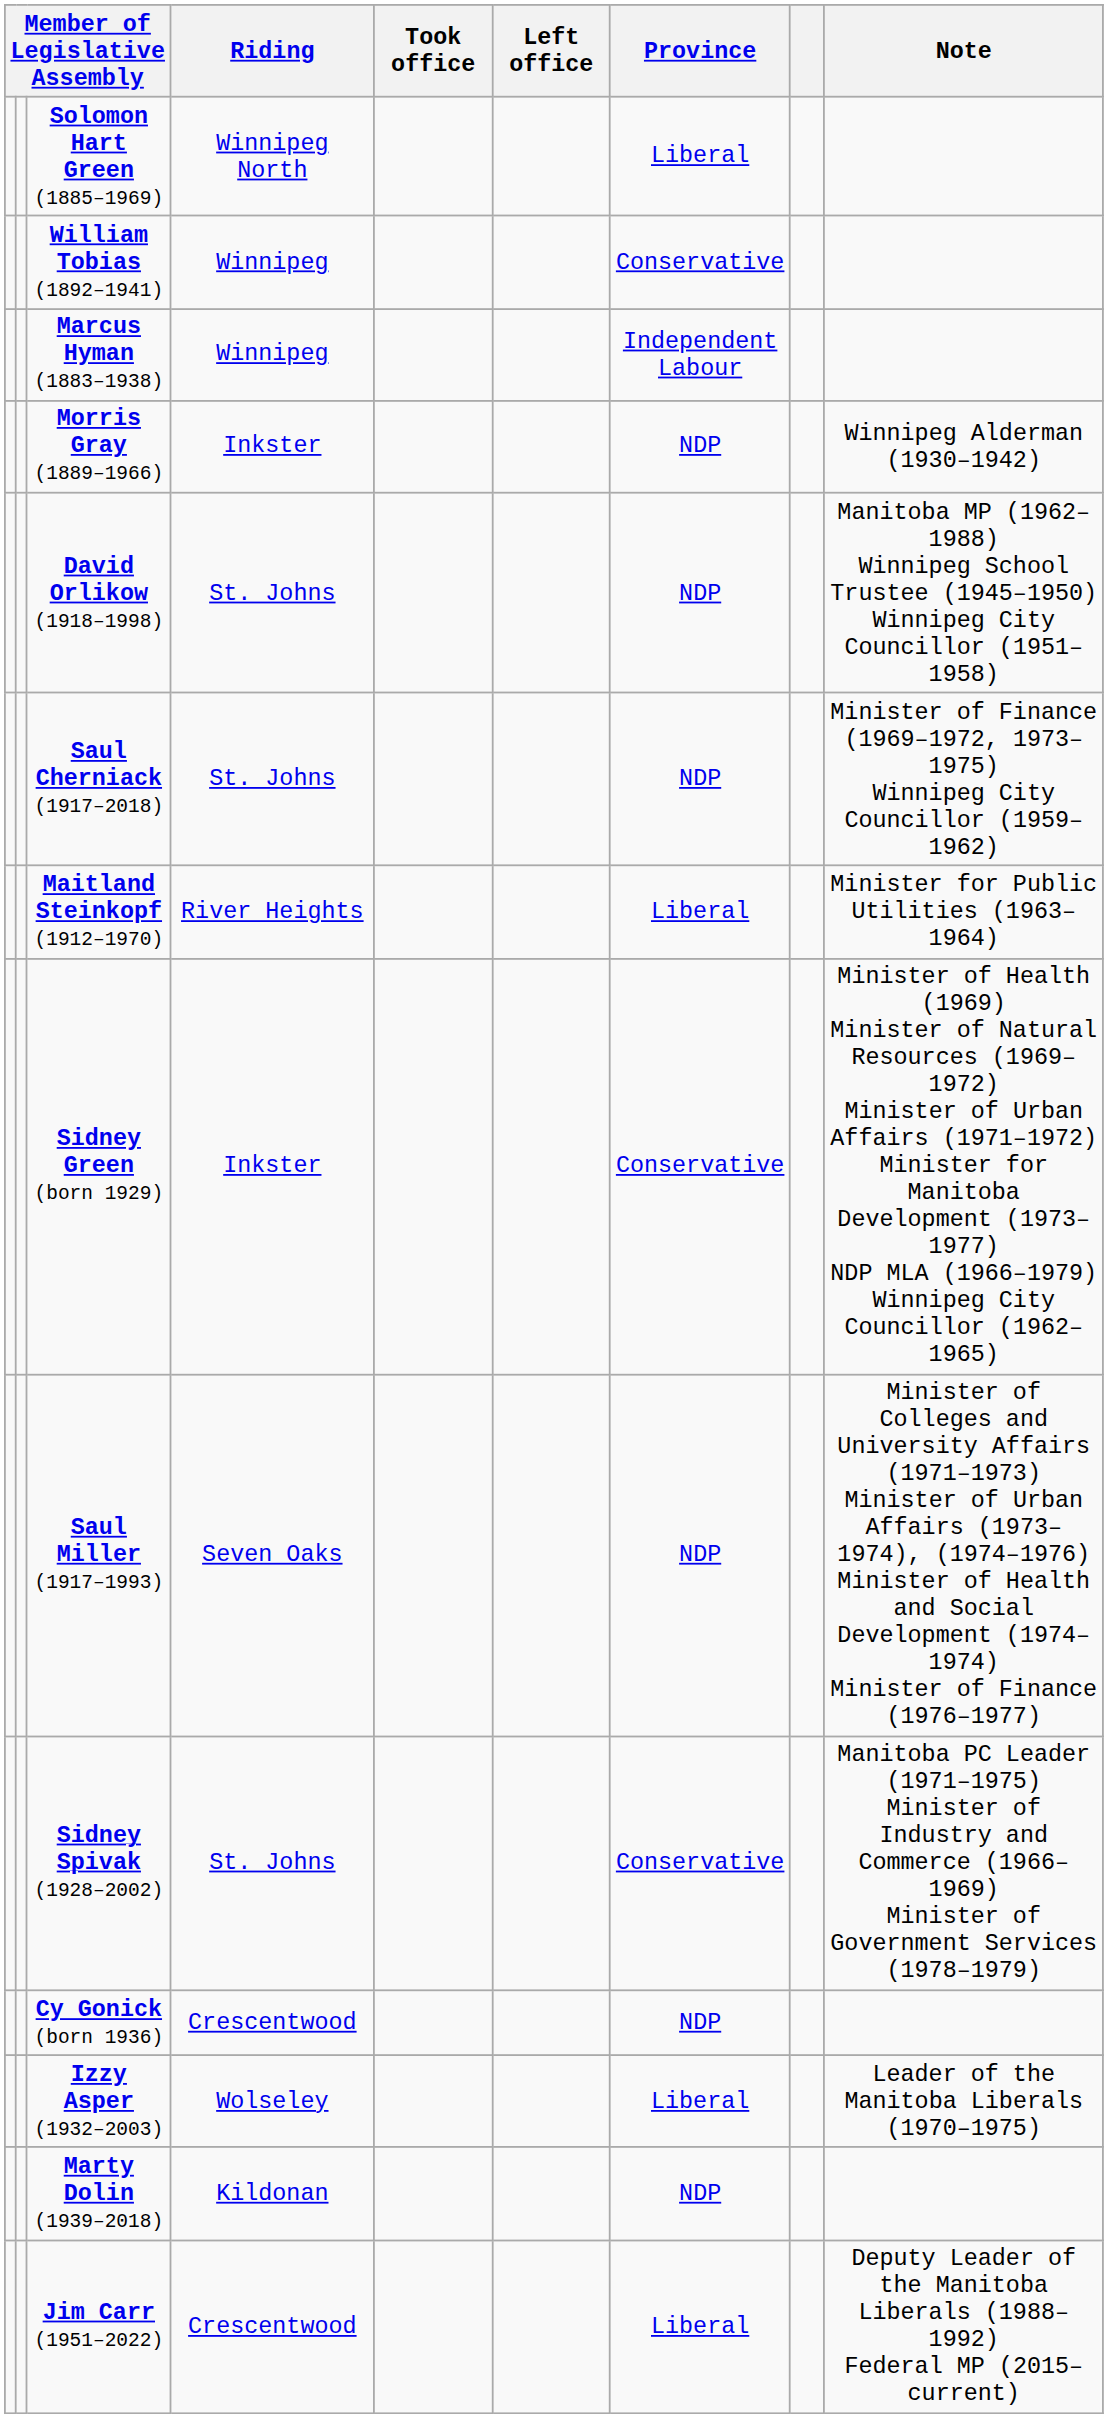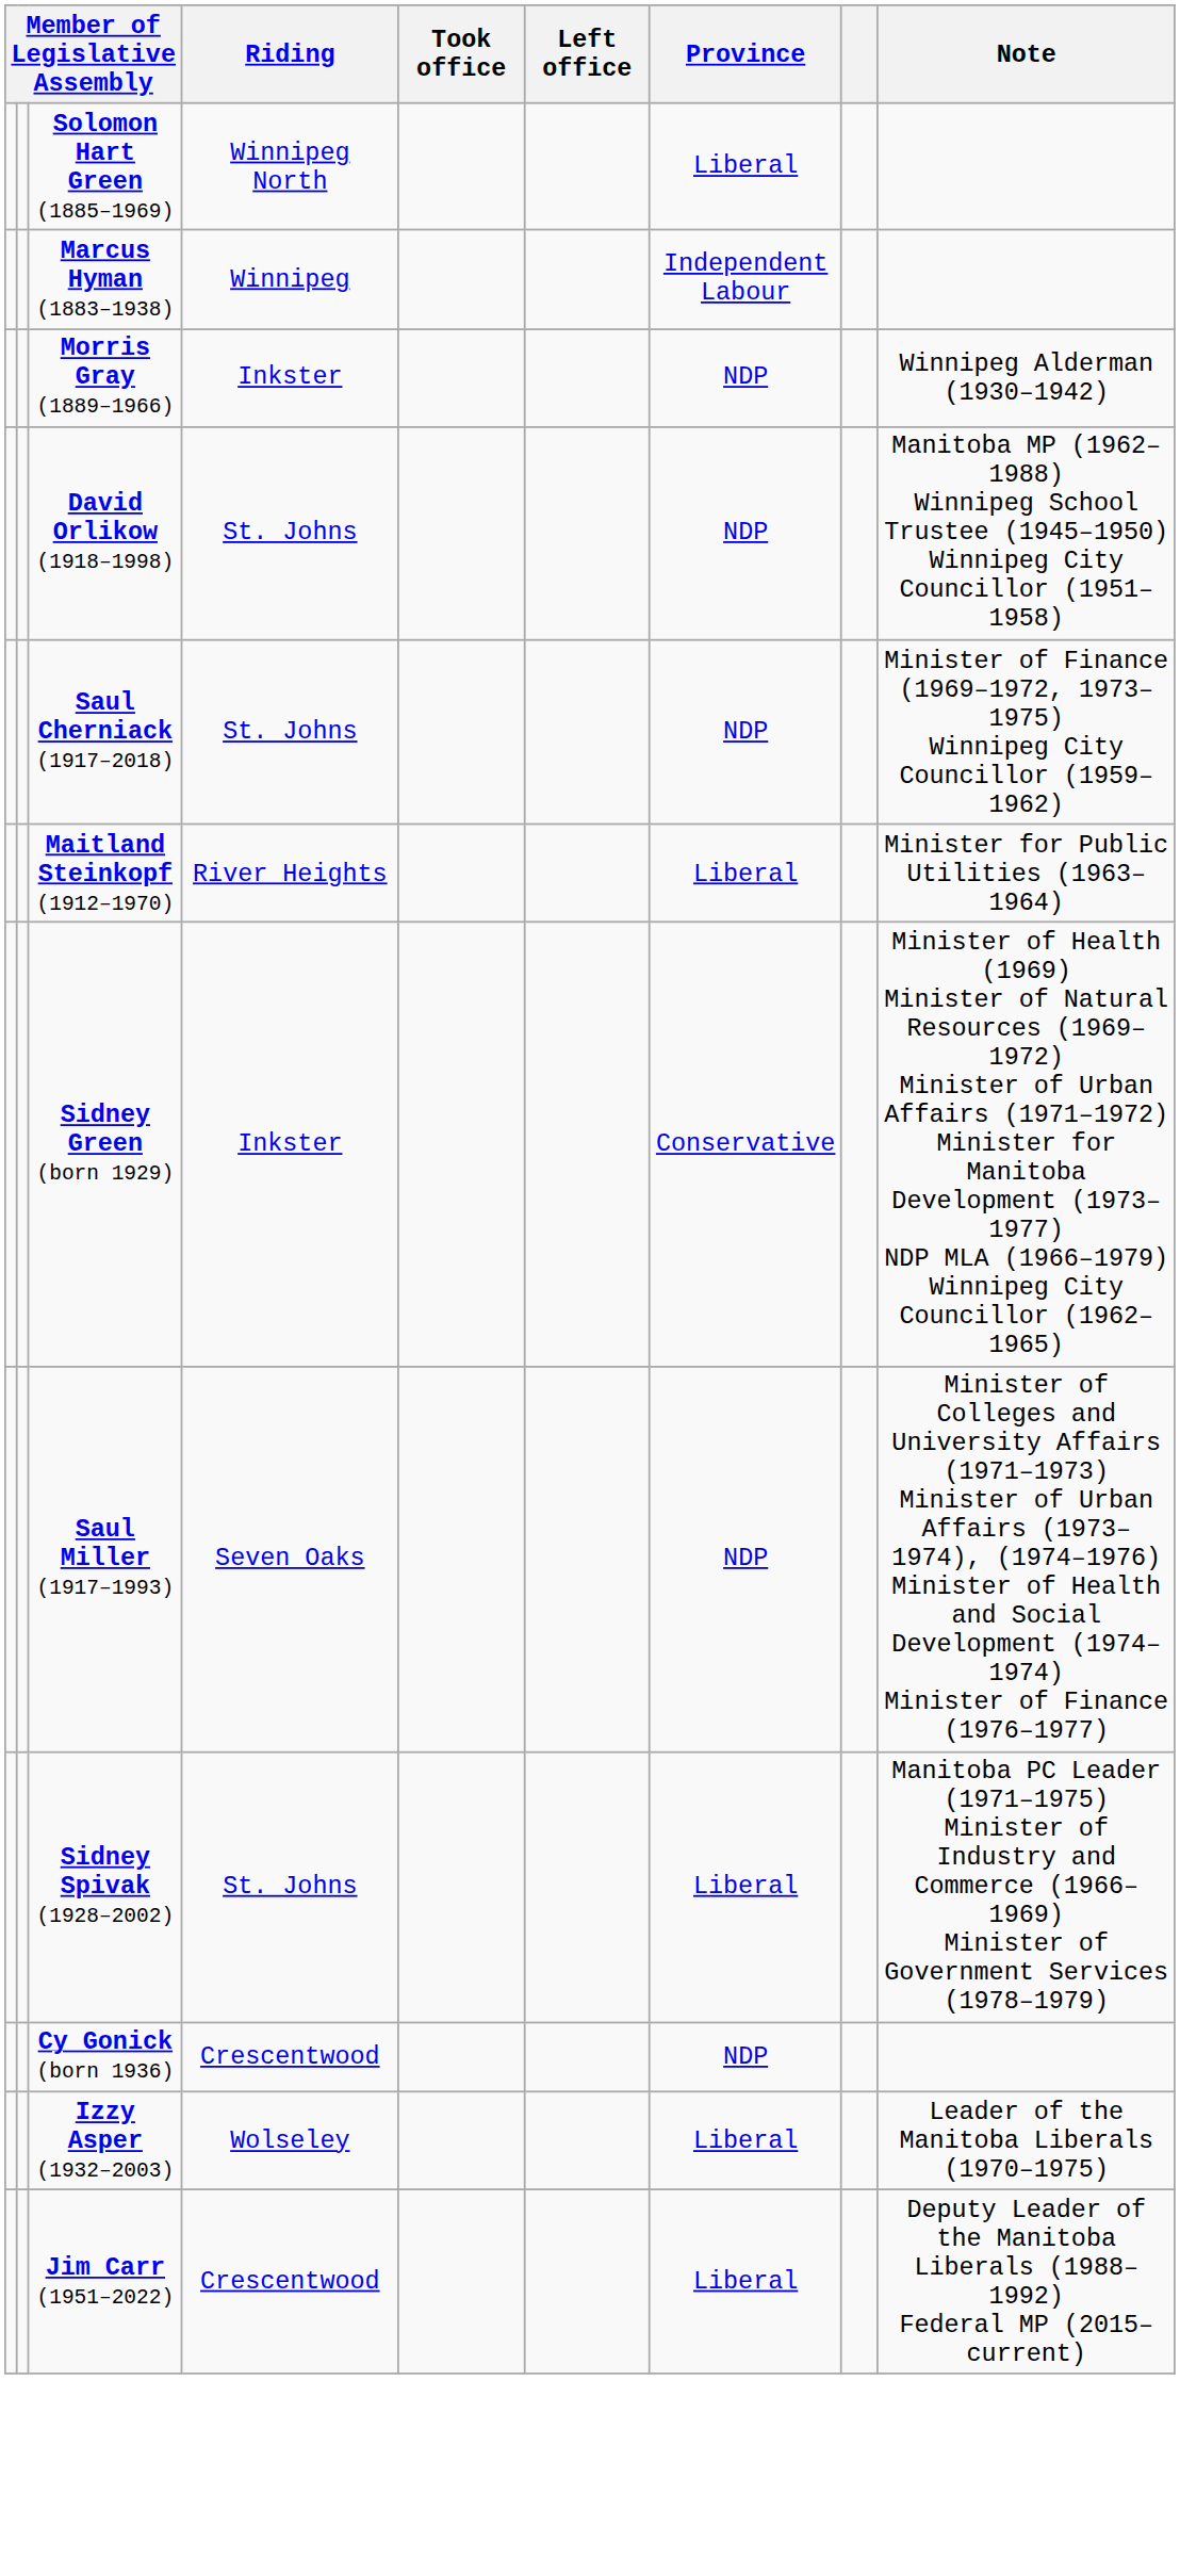 <table class="wikitable sortable plainrowheaders" style="text-align:center">
 <tr>
 <th colspan="3" class=unsortable><a href='#'>Member of Legislative Assembly</a></th>
 <th scope="col" width=150px><a href='#'>Riding</a></th>
 <th scope="col" width=100px>Took office</th>
 <th scope="col" width=100px>Left office</th>
 <th scope="col" width=70px><a href='#'>Province</a></th>
 <th scope="col" class=unsortable width=55px></th>
 <th scope="col" class=unsortable width=350px>Note</th>
 </tr>
 <tr>
 <td style="background:"></td>
 <td></td>
 <td><strong><a href='#'>Solomon Hart Green</a></strong><br><small>(1885–1969)</small></td>
 <td><a href='#'>Winnipeg North</a></td>
 <td></td>
 <td></td>
 <td><a href='#'>Liberal</a></td>
-<td></td>
-<td></td>
-</tr>
-<tr>
-<td style="background:"></td>
-<td></td>
-<td><strong><a href='#'>William Tobias</a></strong><br><small>(1892–1941)</small></td>
-<td><a href='#'>Winnipeg</a></td>
-<td></td>
-<td></td>
-<td><a href='#'>Conservative</a></td>
 <td></td>
 <td></td>
 </tr>
 <tr>
 <td style="background:"></td>
 <td></td>
 <td><strong><a href='#'>Marcus Hyman</a></strong><br><small>(1883–1938)</small></td>
 <td><a href='#'>Winnipeg</a></td>
 <td></td>
 <td></td>
 <td><a href='#'>Independent Labour</a></td>
 <td></td>
 <td></td>
 </tr>
 <tr>
 <td style="background:"></td>
 <td></td>
 <td><strong><a href='#'>Morris Gray</a></strong><br><small>(1889–1966)</small></td>
 <td><a href='#'>Inkster</a></td>
 <td></td>
 <td></td>
 <td><a href='#'>NDP</a></td>
 <td></td>
 <td>Winnipeg Alderman (1930–1942)</td>
 </tr>
 <tr>
 <td style="background:"></td>
 <td></td>
 <td><strong><a href='#'>David Orlikow</a></strong><br><small>(1918–1998)</small></td>
 <td><a href='#'>St. Johns</a></td>
 <td></td>
 <td></td>
 <td><a href='#'>NDP</a></td>
 <td></td>
 <td>Manitoba MP (1962–1988)<br>Winnipeg School Trustee (1945–1950)<br>Winnipeg City Councillor (1951–1958)</td>
 </tr>
 <tr>
 <td style="background:"></td>
 <td></td>
 <td><strong><a href='#'>Saul Cherniack</a></strong><br><small>(1917–2018)</small></td>
 <td><a href='#'>St. Johns</a></td>
 <td></td>
 <td></td>
 <td><a href='#'>NDP</a></td>
 <td></td>
 <td>Minister of Finance (1969–1972, 1973–1975)<br>Winnipeg City Councillor (1959–1962)</td>
 </tr>
 <tr>
 <td style="background:"></td>
 <td></td>
 <td><strong><a href='#'>Maitland Steinkopf</a></strong><br><small>(1912–1970)</small></td>
 <td><a href='#'>River Heights</a></td>
 <td></td>
 <td></td>
 <td><a href='#'>Liberal</a></td>
 <td></td>
 <td>Minister for Public Utilities (1963–1964)</td>
 </tr>
 <tr>
 <td style="background:"></td>
 <td></td>
 <td><strong><a href='#'>Sidney Green</a></strong><br><small>(born 1929)</small></td>
 <td><a href='#'>Inkster</a></td>
 <td></td>
 <td></td>
 <td><a href='#'>Conservative</a></td>
 <td></td>
 <td>Minister of Health (1969)<br>Minister of Natural Resources (1969–1972)<br>Minister of Urban Affairs (1971–1972)<br>Minister for Manitoba Development (1973–1977)<br>NDP MLA (1966–1979)<br>Winnipeg City Councillor (1962–1965)</td>
 </tr>
 <tr>
 <td style="background:"></td>
 <td></td>
 <td><strong><a href='#'>Saul Miller</a></strong><br><small>(1917–1993)</small></td>
 <td><a href='#'>Seven Oaks</a></td>
 <td></td>
 <td></td>
 <td><a href='#'>NDP</a></td>
 <td></td>
 <td>Minister of Colleges and University Affairs (1971–1973)<br>Minister of Urban Affairs (1973–1974), (1974–1976)<br>Minister of Health and Social Development (1974–1974)<br>Minister of Finance (1976–1977)</td>
 </tr>
 <tr>
 <td style="background:"></td>
 <td></td>
 <td><strong><a href='#'>Sidney Spivak</a></strong><br><small>(1928–2002)</small></td>
 <td><a href='#'>St. Johns</a></td>
 <td></td>
 <td></td>
-<td><a href='#'>Conservative</a></td>
+<td><a href='#'>Liberal</a></td>
 <td></td>
 <td>Manitoba PC Leader (1971–1975)<br>Minister of Industry and Commerce (1966–1969)<br>Minister of Government Services (1978–1979)</td>
 </tr>
 <tr>
 <td style="background:"></td>
 <td></td>
 <td><strong><a href='#'>Cy Gonick</a></strong><br><small>(born 1936)</small></td>
 <td><a href='#'>Crescentwood</a></td>
 <td></td>
 <td></td>
 <td><a href='#'>NDP</a></td>
 <td></td>
 <td></td>
 </tr>
 <tr>
 <td style="background:"></td>
 <td></td>
 <td><strong><a href='#'>Izzy Asper</a></strong><br><small>(1932–2003)</small></td>
 <td><a href='#'>Wolseley</a></td>
 <td></td>
 <td></td>
 <td><a href='#'>Liberal</a></td>
 <td></td>
 <td>Leader of the Manitoba Liberals (1970–1975)</td>
 </tr>
 <tr>
 <td style="background:"></td>
 <td></td>
-<td><strong><a href='#'>Marty Dolin</a></strong><br><small>(1939–2018)</small></td>
-<td><a href='#'>Kildonan</a></td>
-<td></td>
-<td></td>
-<td><a href='#'>NDP</a></td>
-<td></td>
-<td></td>
-</tr>
-<tr>
-<td style="background:"></td>
-<td></td>
 <td><strong><a href='#'>Jim Carr</a></strong><br><small>(1951–2022)</small></td>
 <td><a href='#'>Crescentwood</a></td>
 <td></td>
 <td></td>
 <td><a href='#'>Liberal</a></td>
 <td></td>
 <td>Deputy Leader of the Manitoba Liberals (1988–1992)<br>Federal MP (2015–current)</td>
 </tr>
 </table>
